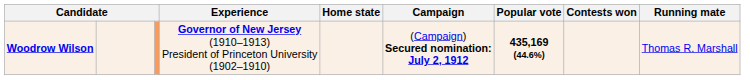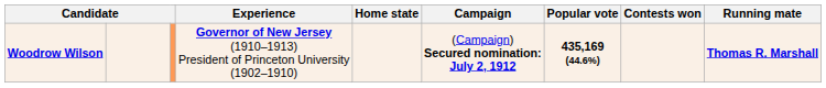 <table class="wikitable sortable" style="text-align:center;">
 <tr>
 <th colspan="3">Candidate</th>
 <th class="unsortable">Experience</th>
 <th>Home state</th>
 <th data-sort-type="date">Campaign</th>
 <th>Popular vote</th>
 <th>Contests won</th>
 <th>Running mate</th>
 </tr>
 <tr style="background:linen;">
 <th data-sort-="" scope="row" style="background:linen;"><a href='#'>Woodrow Wilson</a></th>
 <td style="min-width:80px;"></td>
 <td style="background:#ff9955;"></td>
 <td><strong><a href='#'>Governor of New Jersey</a></strong><br>(1910–1913)<br>President of Princeton University<br>(1902–1910)</td>
 <td></td>
 <td>(<a href='#'>Campaign</a>)<br><strong>Secured nomination:</strong><br><strong><a href='#'>July 2, 1912</a></strong></td>
 <td><strong>435,169</strong><br><small><strong>(44.6%)</strong></small></td>
 <td></td>
-<td><a href='#'>Thomas R. Marshall</a></td>
+<td><strong><a href='#'>Thomas R. Marshall</a></strong></td>
 </tr>
 </table>
